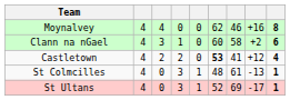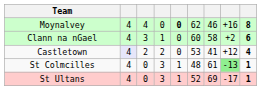 <table class="wikitable" style="text-align:center">
 <tr>
 <th width="175">Team</th>
 <th width="20"></th>
 <th width="20"></th>
 <th width="20"></th>
 <th width="20"></th>
 <th width="20"></th>
 <th width="20"></th>
 <th width="20"></th>
 <th width="20"></th>
 </tr>
 <tr bgcolor="ccffcc">
 <td>Moynalvey</td>
 <td>4</td>
 <td>4</td>
 <td>0</td>
-<td>0</td>
+<td><strong>0</strong></td>
 <td>62</td>
 <td>46</td>
 <td>+16</td>
 <td><strong>8</strong></td>
 </tr>
 <tr bgcolor="ccffcc">
 <td>Clann na nGael</td>
 <td>4</td>
 <td>3</td>
 <td>1</td>
 <td>0</td>
 <td>60</td>
 <td>58</td>
 <td>+2</td>
 <td><strong>6</strong></td>
 </tr>
 <tr>
 <td>Castletown</td>
-<td>4</td>
+<td style="background: lavender;">4</td>
 <td>2</td>
 <td>2</td>
 <td>0</td>
-<td><strong>53</strong></td>
+<td>53</td>
 <td>41</td>
 <td>+12</td>
 <td><strong>4</strong></td>
 </tr>
 <tr>
 <td>St Colmcilles</td>
 <td>4</td>
 <td>0</td>
 <td>3</td>
 <td>1</td>
 <td>48</td>
 <td>61</td>
-<td>-13</td>
+<td style="background: lightgreen;">-13</td>
 <td><strong>1</strong></td>
 </tr>
 <tr bgcolor="ffcccc">
 <td>St Ultans</td>
 <td>4</td>
 <td>0</td>
 <td>3</td>
 <td>1</td>
 <td>52</td>
 <td>69</td>
 <td>-17</td>
 <td><strong>1</strong></td>
 </tr>
 </table>
